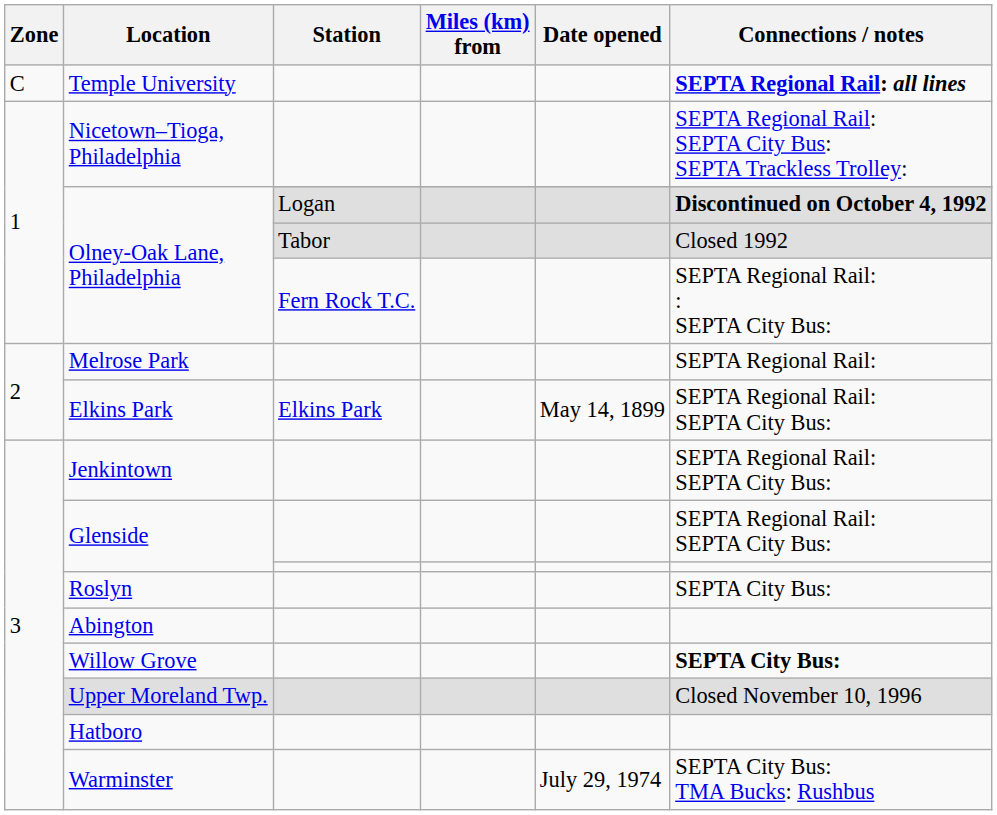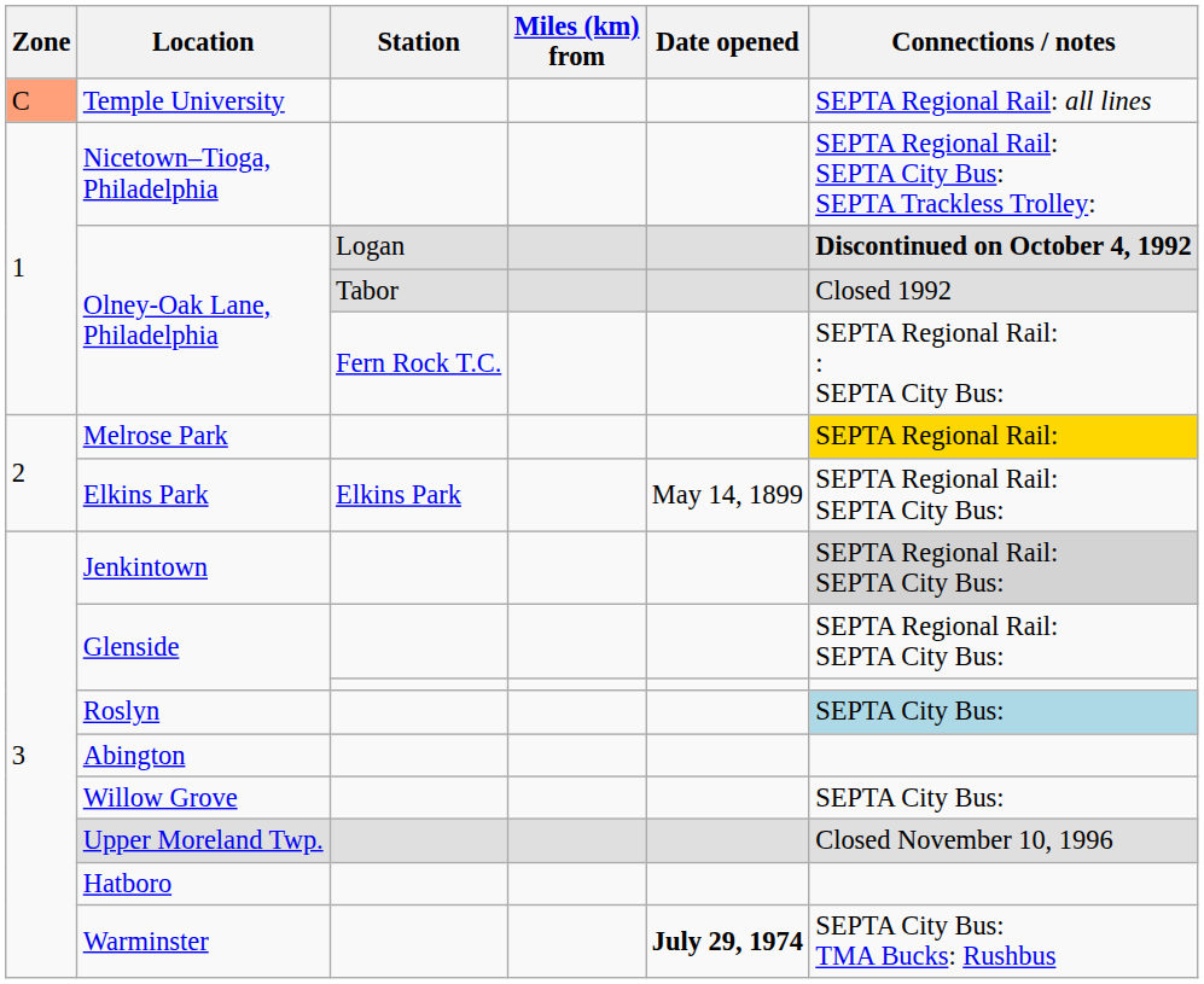 <table class="wikitable">
 <tr>
 <th>Zone</th>
 <th>Location</th>
 <th>Station</th>
 <th><a href='#'>Miles (km)</a><br>from<br></th>
 <th>Date opened</th>
 <th class="nowrap">Connections / notes</th>
 </tr>
 <tr>
-<td rowspan=1>C</td>
+<td rowspan=1 style="background: lightsalmon;">C</td>
 <td><a href='#'>Temple University</a></td>
 <td> </td>
 <td></td>
 <td></td>
-<td><strong> <a href='#'>SEPTA Regional Rail</a>: <em>all lines</em></strong></td>
+<td> <a href='#'>SEPTA Regional Rail</a>: <em>all lines</em></td>
 </tr>
 <tr>
 <td rowspan=5>1</td>
 <td><a href='#'>Nicetown–Tioga,<br>Philadelphia</a></td>
 <td> </td>
 <td></td>
 <td></td>
 <td> <a href='#'>SEPTA Regional Rail</a>:    <br> <a href='#'>SEPTA City Bus</a>: <br> <a href='#'>SEPTA Trackless Trolley</a>: </td>
 </tr>
 <tr>
 <td rowspan=4><a href='#'>Olney-Oak Lane,<br>Philadelphia</a></td>
 </tr>
 <tr bgcolor=dfdfdf>
 <td>Logan</td>
 <td></td>
 <td></td>
 <td><strong>Discontinued on October 4, 1992</strong></td>
 </tr>
 <tr bgcolor=dfdfdf>
 <td>Tabor</td>
 <td></td>
 <td></td>
 <td>Closed 1992</td>
 </tr>
 <tr>
 <td><a href='#'>Fern Rock T.C.</a> </td>
 <td></td>
 <td></td>
 <td> SEPTA Regional Rail:  <br>: <br> SEPTA City Bus: </td>
 </tr>
 <tr>
 <td rowspan=2>2</td>
 <td><a href='#'>Melrose Park</a></td>
 <td> </td>
 <td></td>
 <td></td>
-<td> SEPTA Regional Rail:  </td>
+<td style="background: gold;"> SEPTA Regional Rail:  </td>
 </tr>
 <tr>
 <td><a href='#'>Elkins Park</a></td>
 <td><a href='#'>Elkins Park</a></td>
 <td></td>
 <td>May 14, 1899</td>
 <td> SEPTA Regional Rail:  <br> SEPTA City Bus: </td>
 </tr>
 <tr>
 <td rowspan=9>3</td>
 <td><a href='#'>Jenkintown</a></td>
 <td></td>
 <td></td>
 <td></td>
-<td> SEPTA Regional Rail:  <br> SEPTA City Bus: </td>
+<td style="background: lightgrey;"> SEPTA Regional Rail:  <br> SEPTA City Bus: </td>
 </tr>
 <tr>
 <td rowspan=2><a href='#'>Glenside</a></td>
 <td></td>
 <td></td>
 <td></td>
 <td> SEPTA Regional Rail: <br> SEPTA City Bus: </td>
 </tr>
 <tr>
 <td> </td>
 <td></td>
 <td></td>
 <td></td>
 </tr>
 <tr>
 <td><a href='#'>Roslyn</a></td>
 <td> </td>
 <td></td>
 <td></td>
-<td> SEPTA City Bus: </td>
+<td style="background: lightblue;"> SEPTA City Bus: </td>
 </tr>
 <tr>
 <td><a href='#'>Abington</a></td>
 <td> </td>
 <td></td>
 <td></td>
 <td></td>
 </tr>
 <tr>
 <td><a href='#'>Willow Grove</a></td>
 <td></td>
 <td></td>
 <td></td>
-<td><strong> SEPTA City Bus: </strong></td>
+<td> SEPTA City Bus: </td>
 </tr>
 <tr bgcolor=dfdfdf>
 <td><a href='#'>Upper Moreland Twp.</a></td>
 <td></td>
 <td></td>
 <td></td>
 <td>Closed November 10, 1996</td>
 </tr>
 <tr>
 <td><a href='#'>Hatboro</a></td>
 <td></td>
 <td></td>
 <td></td>
 <td></td>
 </tr>
 <tr>
 <td><a href='#'>Warminster</a></td>
 <td> </td>
 <td></td>
-<td>July 29, 1974</td>
+<td><strong>July 29, 1974</strong></td>
 <td> SEPTA City Bus: <br> <a href='#'>TMA Bucks</a>: <a href='#'>Rushbus</a></td>
 </tr>
 </table>
